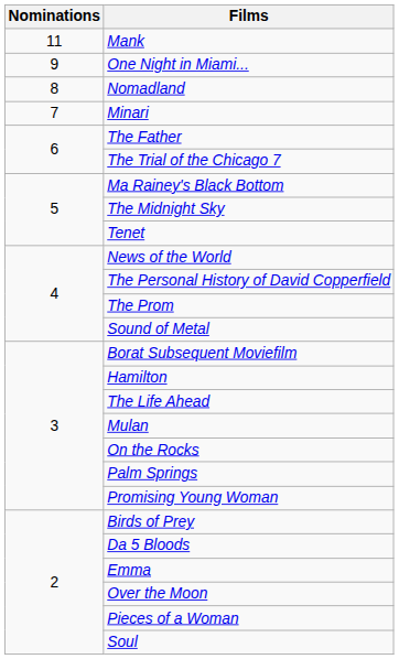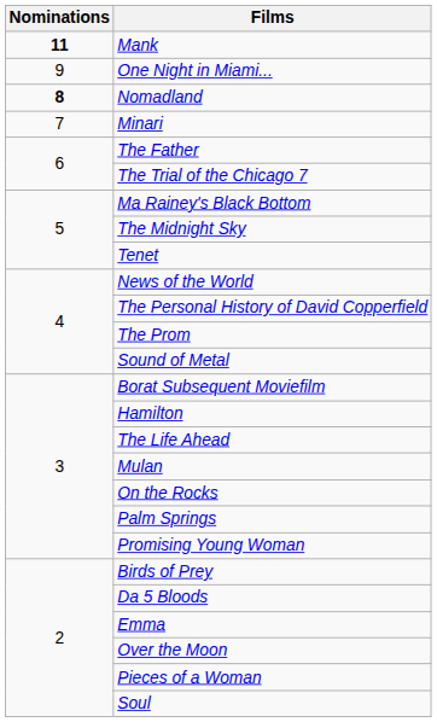 <table class="wikitable">
 <tr>
 <th>Nominations</th>
 <th>Films</th>
 </tr>
 <tr>
-<td style="text-align:center">11</td>
+<td style="text-align:center"><strong>11</strong></td>
 <td><em><a href='#'>Mank</a></em></td>
 </tr>
 <tr>
 <td style="text-align:center">9</td>
 <td><em><a href='#'>One Night in Miami...</a></em></td>
 </tr>
 <tr>
-<td style="text-align:center">8</td>
+<td style="text-align:center"><strong>8</strong></td>
 <td><em><a href='#'>Nomadland</a></em></td>
 </tr>
 <tr>
 <td style="text-align:center">7</td>
 <td><em><a href='#'>Minari</a></em></td>
 </tr>
 <tr>
 <td rowspan="2" style="text-align:center">6</td>
 <td><em><a href='#'>The Father</a></em></td>
 </tr>
 <tr>
 <td><em><a href='#'>The Trial of the Chicago 7</a></em></td>
 </tr>
 <tr>
 <td rowspan="3" style="text-align:center">5</td>
 <td><em><a href='#'>Ma Rainey's Black Bottom</a></em></td>
 </tr>
 <tr>
 <td><em><a href='#'>The Midnight Sky</a></em></td>
 </tr>
 <tr>
 <td><em><a href='#'>Tenet</a></em></td>
 </tr>
 <tr>
 <td rowspan="4" style="text-align:center">4</td>
 <td><em><a href='#'>News of the World</a></em></td>
 </tr>
 <tr>
 <td><em><a href='#'>The Personal History of David Copperfield</a></em></td>
 </tr>
 <tr>
 <td><em><a href='#'>The Prom</a></em></td>
 </tr>
 <tr>
 <td><em><a href='#'>Sound of Metal</a></em></td>
 </tr>
 <tr>
 <td rowspan="7" style="text-align:center">3</td>
 <td><em><a href='#'>Borat Subsequent Moviefilm</a></em></td>
 </tr>
 <tr>
 <td><em><a href='#'>Hamilton</a></em></td>
 </tr>
 <tr>
 <td><em><a href='#'>The Life Ahead</a></em></td>
 </tr>
 <tr>
 <td><em><a href='#'>Mulan</a></em></td>
 </tr>
 <tr>
 <td><em><a href='#'>On the Rocks</a></em></td>
 </tr>
 <tr>
 <td><em><a href='#'>Palm Springs</a></em></td>
 </tr>
 <tr>
 <td><em><a href='#'>Promising Young Woman</a></em></td>
 </tr>
 <tr>
 <td rowspan="6" style="text-align:center">2</td>
 <td><em><a href='#'>Birds of Prey</a></em></td>
 </tr>
 <tr>
 <td><em><a href='#'>Da 5 Bloods</a></em></td>
 </tr>
 <tr>
 <td><em><a href='#'>Emma</a></em></td>
 </tr>
 <tr>
 <td><em><a href='#'>Over the Moon</a></em></td>
 </tr>
 <tr>
 <td><em><a href='#'>Pieces of a Woman</a></em></td>
 </tr>
 <tr>
 <td><em><a href='#'>Soul</a></em></td>
 </tr>
 </table>
